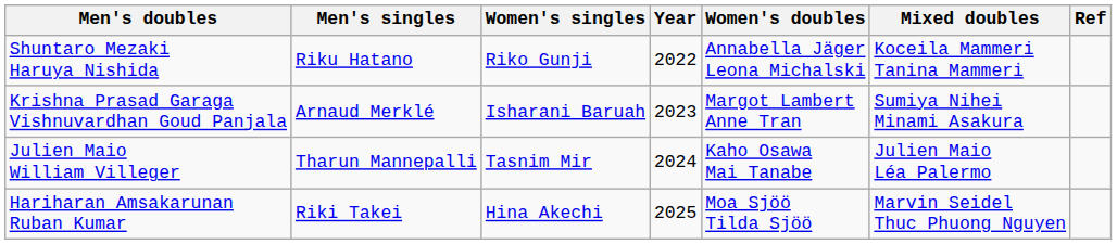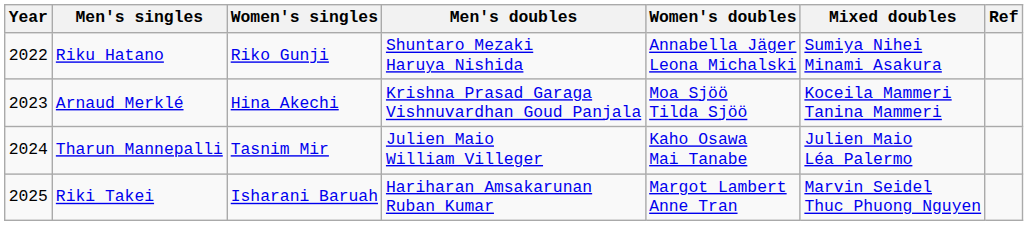 <table class=wikitable style="font-size:90%;">
 <tr>
-<th>Men's doubles</th>
+<th>Year</th>
 <th>Men's singles</th>
 <th>Women's singles</th>
-<th>Year</th>
+<th>Men's doubles</th>
 <th>Women's doubles</th>
 <th>Mixed doubles</th>
 <th>Ref</th>
 </tr>
 <tr>
-<td> <a href='#'>Shuntaro Mezaki</a><br> <a href='#'>Haruya Nishida</a></td>
+<td>2022</td>
 <td> <a href='#'>Riku Hatano</a></td>
 <td> <a href='#'>Riko Gunji</a></td>
-<td>2022</td>
+<td> <a href='#'>Shuntaro Mezaki</a><br> <a href='#'>Haruya Nishida</a></td>
 <td> <a href='#'>Annabella Jäger</a><br> <a href='#'>Leona Michalski</a></td>
+<td> <a href='#'>Sumiya Nihei</a><br> <a href='#'>Minami Asakura</a></td>
+<td style="text-align:center"></td>
+</tr>
+<tr>
+<td>2023</td>
+<td> <a href='#'>Arnaud Merklé</a></td>
+<td> <a href='#'>Hina Akechi</a></td>
+<td> <a href='#'>Krishna Prasad Garaga</a><br> <a href='#'>Vishnuvardhan Goud Panjala</a></td>
+<td> <a href='#'>Moa Sjöö</a><br> <a href='#'>Tilda Sjöö</a></td>
 <td> <a href='#'>Koceila Mammeri</a><br> <a href='#'>Tanina Mammeri</a></td>
 <td style="text-align:center"></td>
 </tr>
 <tr>
-<td> <a href='#'>Krishna Prasad Garaga</a><br> <a href='#'>Vishnuvardhan Goud Panjala</a></td>
-<td> <a href='#'>Arnaud Merklé</a></td>
-<td> <a href='#'>Isharani Baruah</a></td>
-<td>2023</td>
-<td> <a href='#'>Margot Lambert</a><br> <a href='#'>Anne Tran</a></td>
-<td> <a href='#'>Sumiya Nihei</a><br> <a href='#'>Minami Asakura</a></td>
-<td style="text-align:center"></td>
-</tr>
-<tr>
-<td> <a href='#'>Julien Maio</a><br> <a href='#'>William Villeger</a></td>
+<td>2024</td>
 <td> <a href='#'>Tharun Mannepalli</a></td>
 <td> <a href='#'>Tasnim Mir</a></td>
-<td>2024</td>
+<td> <a href='#'>Julien Maio</a><br> <a href='#'>William Villeger</a></td>
 <td> <a href='#'>Kaho Osawa</a><br> <a href='#'>Mai Tanabe</a></td>
 <td> <a href='#'>Julien Maio</a><br> <a href='#'>Léa Palermo</a></td>
 <td style="text-align:center"></td>
 </tr>
 <tr>
+<td>2025</td>
+<td> <a href='#'>Riki Takei</a></td>
+<td> <a href='#'>Isharani Baruah</a></td>
 <td> <a href='#'>Hariharan Amsakarunan</a><br> <a href='#'>Ruban Kumar</a></td>
-<td> <a href='#'>Riki Takei</a></td>
-<td> <a href='#'>Hina Akechi</a></td>
-<td>2025</td>
-<td> <a href='#'>Moa Sjöö</a><br> <a href='#'>Tilda Sjöö</a></td>
+<td> <a href='#'>Margot Lambert</a><br> <a href='#'>Anne Tran</a></td>
 <td> <a href='#'>Marvin Seidel</a><br> <a href='#'>Thuc Phuong Nguyen</a></td>
 <td style="text-align:center"></td>
 </tr>
 </table>
